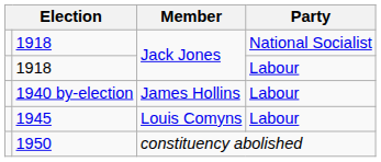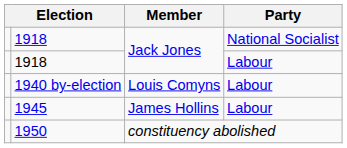 <table class="wikitable">
 <tr>
 <th colspan="2">Election</th>
 <th>Member</th>
 <th>Party</th>
 </tr>
 <tr>
 <td style="color:inherit;background-color: "></td>
 <td><a href='#'>1918</a></td>
 <td rowspan="2"><a href='#'>Jack Jones</a></td>
 <td><a href='#'>National Socialist</a></td>
 </tr>
 <tr>
 <td style="color:inherit;background-color: "></td>
 <td>1918</td>
 <td><a href='#'>Labour</a></td>
 </tr>
 <tr>
 <td style="color:inherit;background-color: "></td>
 <td><a href='#'>1940 by-election</a></td>
-<td><a href='#'>James Hollins</a></td>
+<td><a href='#'>Louis Comyns</a></td>
 <td><a href='#'>Labour</a></td>
 </tr>
 <tr>
 <td style="color:inherit;background-color: "></td>
 <td><a href='#'>1945</a></td>
-<td><a href='#'>Louis Comyns</a></td>
+<td><a href='#'>James Hollins</a></td>
 <td><a href='#'>Labour</a></td>
 </tr>
 <tr>
 <td></td>
 <td><a href='#'>1950</a></td>
 <td colspan="2"><em>constituency abolished</em></td>
 </tr>
 </table>
